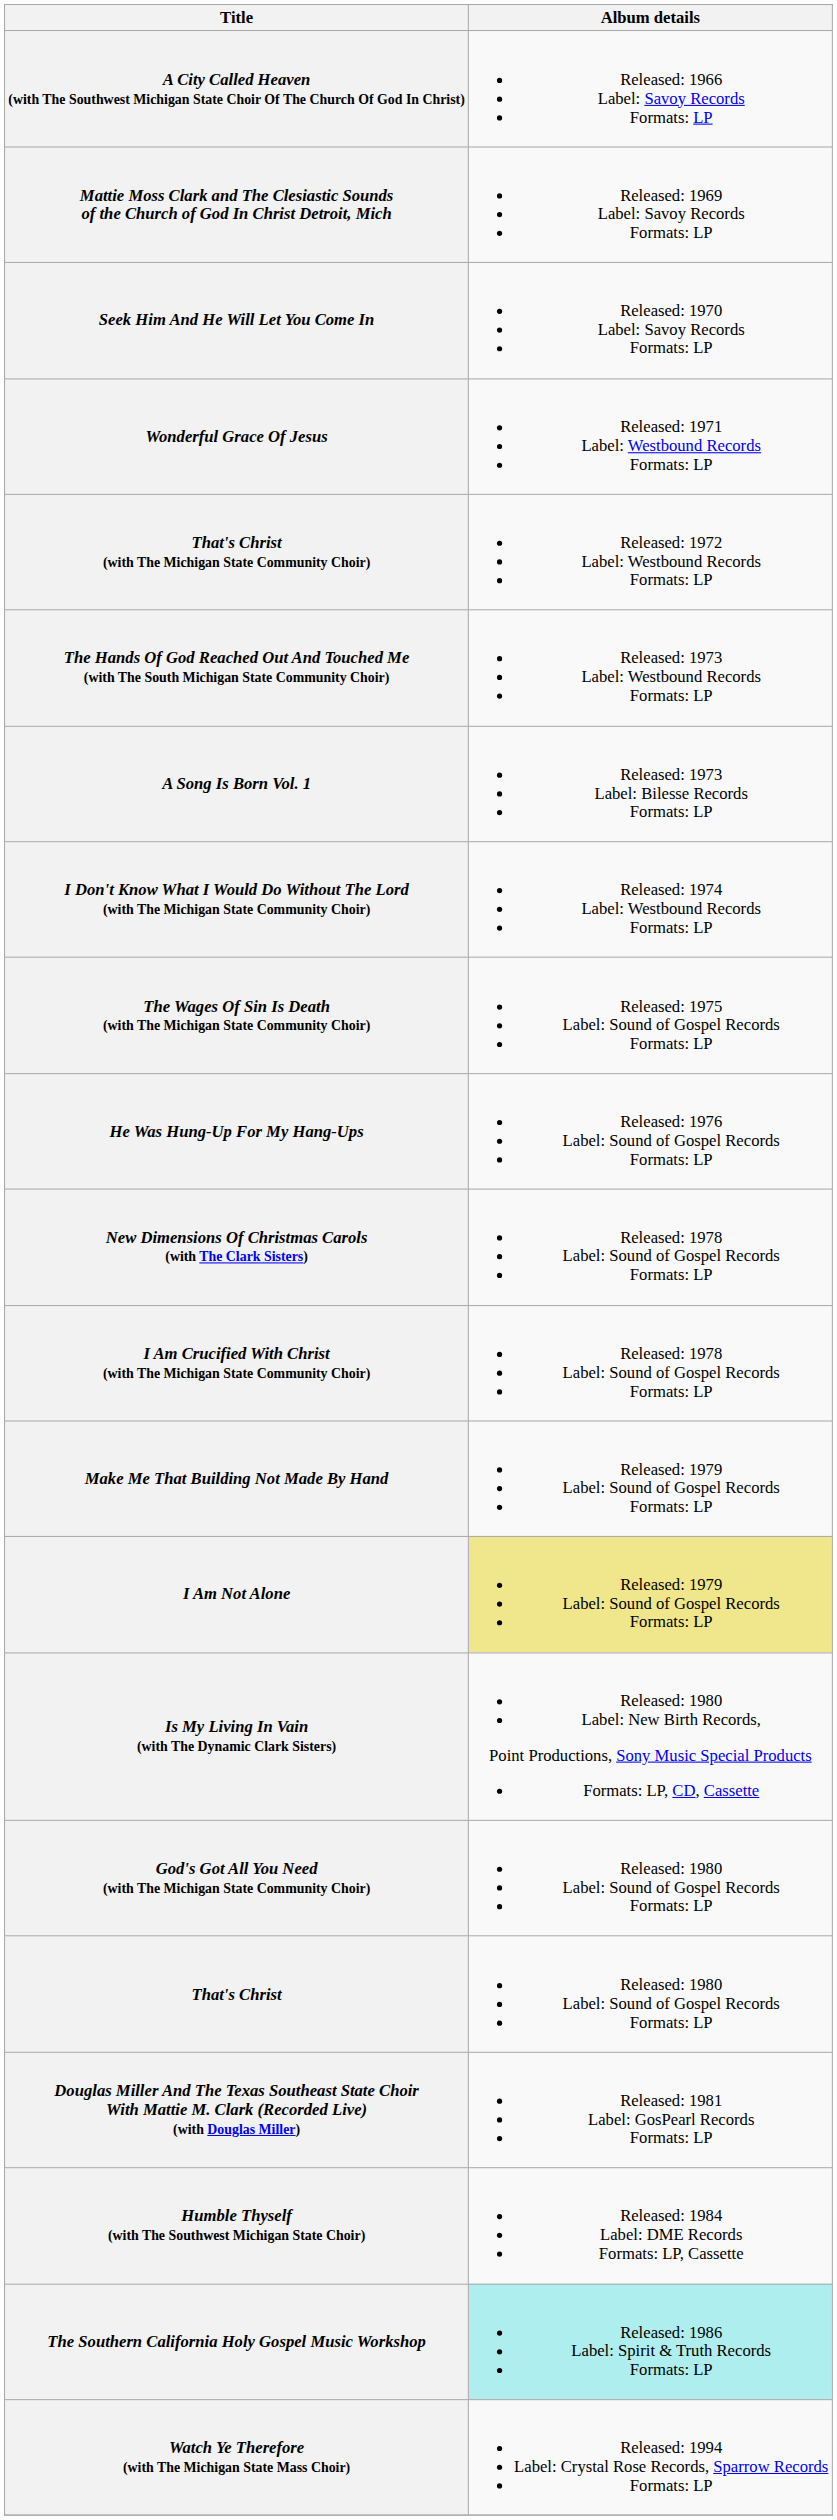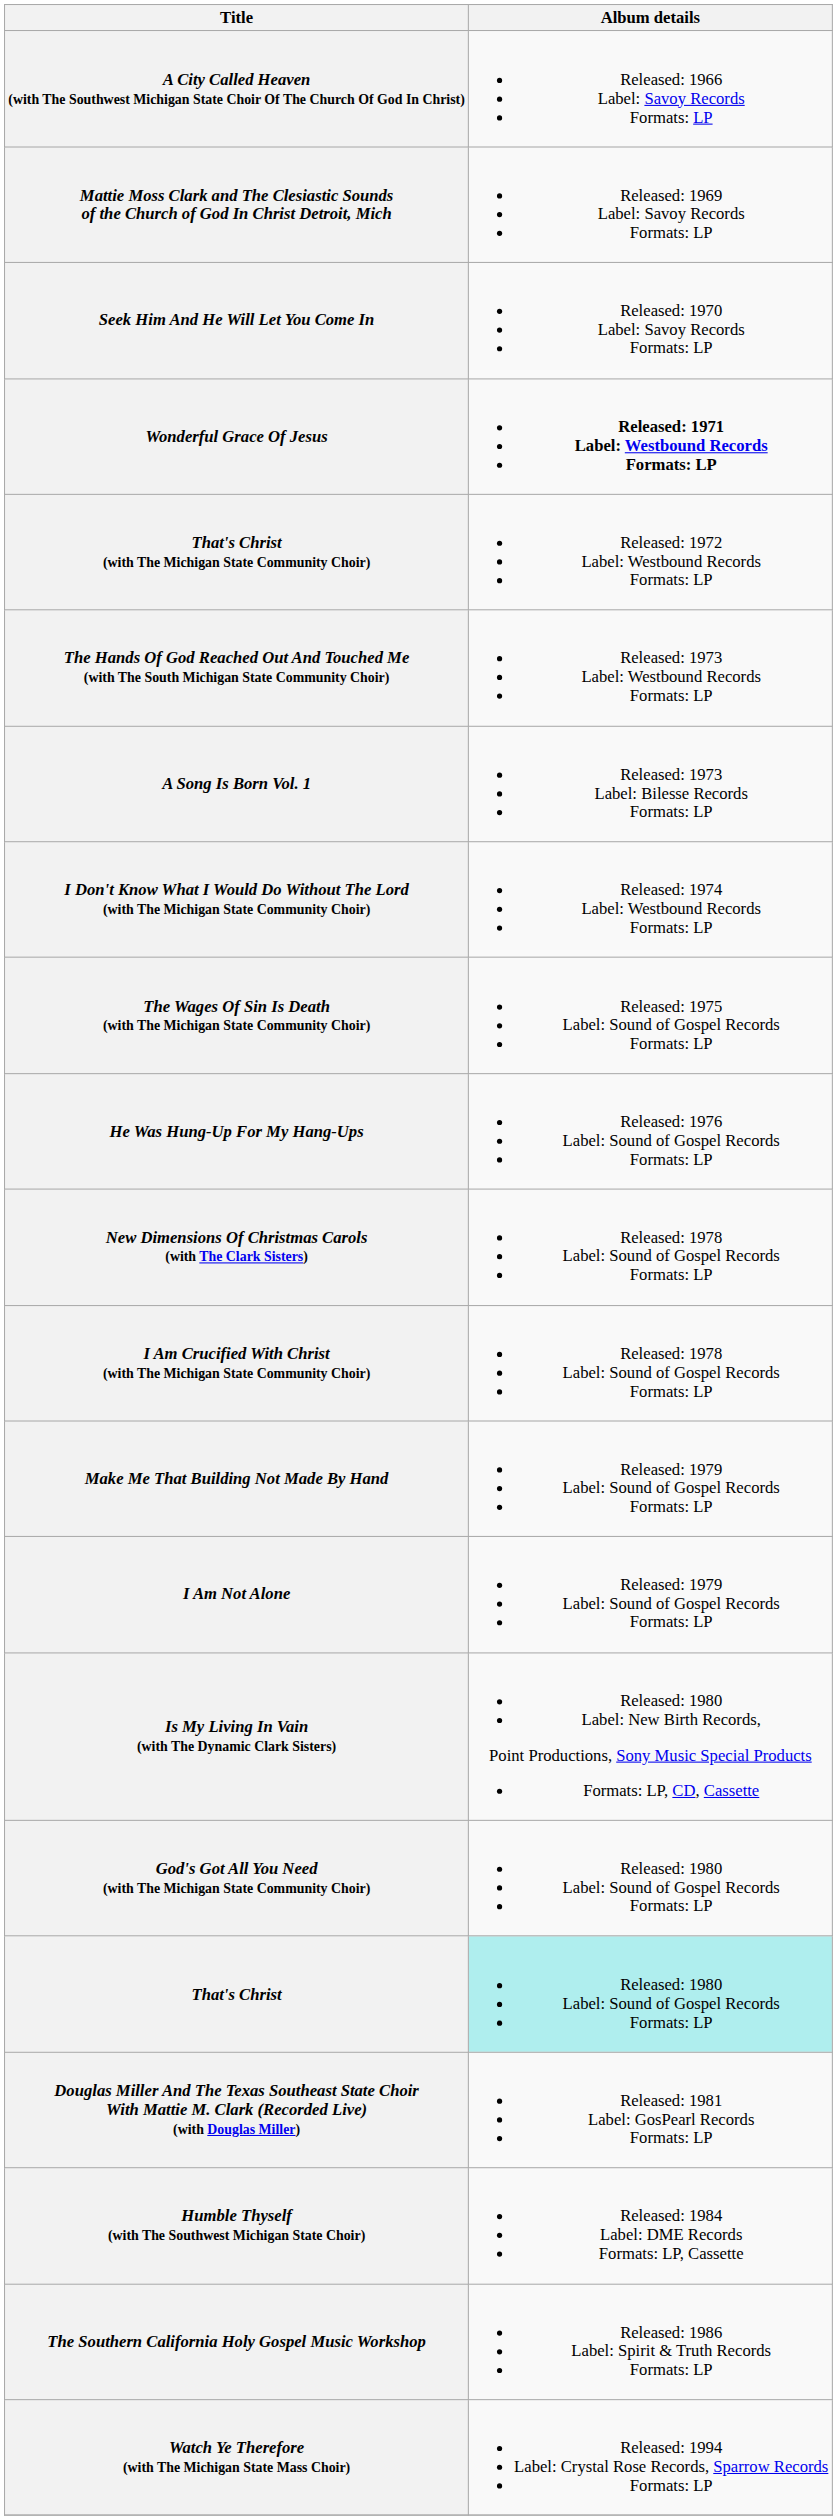 <table class="wikitable plainrowheaders" style="text-align:center;">
 <tr>
 <th>Title</th>
 <th>Album details</th>
 </tr>
 <tr>
 <th scope="row"><em>A City Called Heaven</em><br><small>(with The Southwest Michigan State Choir Of The Church Of God In Christ)</small></th>
 <td><br><ul><li>Released: 1966</li><li>Label: <a href='#'>Savoy Records</a></li><li>Formats: <a href='#'>LP</a></li></ul></td>
 </tr>
 <tr>
 <th scope="row"><em>Mattie Moss Clark and The Clesiastic Sounds</em><br><em>of the Church of God In Christ Detroit, Mich</em></th>
 <td><br><ul><li>Released: 1969</li><li>Label: Savoy Records</li><li>Formats: LP</li></ul></td>
 </tr>
 <tr>
 <th scope="row"><em>Seek Him And He Will Let You Come In</em></th>
 <td><br><ul><li>Released: 1970</li><li>Label: Savoy Records</li><li>Formats: LP</li></ul></td>
 </tr>
 <tr>
 <th scope="row"><em>Wonderful Grace Of Jesus</em></th>
-<td><br><ul><li>Released: 1971</li><li>Label: <a href='#'>Westbound Records</a></li><li>Formats: LP</li></ul></td>
+<td><strong><br><ul><li>Released: 1971</li><li>Label: <a href='#'>Westbound Records</a></li><li>Formats: LP</li></ul></strong></td>
 </tr>
 <tr>
 <th scope="row"><em>That's Christ</em><br><small>(with The Michigan State Community Choir)</small></th>
 <td><br><ul><li>Released: 1972</li><li>Label: Westbound Records</li><li>Formats: LP</li></ul></td>
 </tr>
 <tr>
 <th scope="row"><em>The Hands Of God Reached Out And Touched Me</em><br><small>(with The South Michigan State Community Choir)</small></th>
 <td><br><ul><li>Released: 1973</li><li>Label: Westbound Records</li><li>Formats: LP</li></ul></td>
 </tr>
 <tr>
 <th scope="row"><em>A Song Is Born Vol. 1</em></th>
 <td><br><ul><li>Released: 1973</li><li>Label: Bilesse Records</li><li>Formats: LP</li></ul></td>
 </tr>
 <tr>
 <th scope="row"><em>I Don't Know What I Would Do Without The Lord</em><br><small>(with The Michigan State Community Choir)</small></th>
 <td><br><ul><li>Released: 1974</li><li>Label: Westbound Records</li><li>Formats: LP</li></ul></td>
 </tr>
 <tr>
 <th scope="row"><em>The Wages Of Sin Is Death</em><br><small>(with The Michigan State Community Choir)</small></th>
 <td><br><ul><li>Released: 1975</li><li>Label: Sound of Gospel Records</li><li>Formats: LP</li></ul></td>
 </tr>
 <tr>
 <th scope="row"><em>He Was Hung-Up For My Hang-Ups</em></th>
 <td><br><ul><li>Released: 1976</li><li>Label: Sound of Gospel Records</li><li>Formats: LP</li></ul></td>
 </tr>
 <tr>
 <th scope="row"><em>New Dimensions Of Christmas Carols</em><br><small>(with <a href='#'>The Clark Sisters</a>)</small></th>
 <td><br><ul><li>Released: 1978</li><li>Label: Sound of Gospel Records</li><li>Formats: LP</li></ul></td>
 </tr>
 <tr>
 <th scope="row"><em>I Am Crucified With Christ</em><br><small>(with The Michigan State Community Choir)</small></th>
 <td><br><ul><li>Released: 1978</li><li>Label: Sound of Gospel Records</li><li>Formats: LP</li></ul></td>
 </tr>
 <tr>
 <th scope="row"><em>Make Me That Building Not Made By Hand</em></th>
 <td><br><ul><li>Released: 1979</li><li>Label: Sound of Gospel Records</li><li>Formats: LP</li></ul></td>
 </tr>
 <tr>
 <th scope="row"><em>I Am Not Alone</em></th>
-<td style="background: khaki;"><br><ul><li>Released: 1979</li><li>Label: Sound of Gospel Records</li><li>Formats: LP</li></ul></td>
+<td><br><ul><li>Released: 1979</li><li>Label: Sound of Gospel Records</li><li>Formats: LP</li></ul></td>
 </tr>
 <tr>
 <th scope="row"><em>Is My Living In Vain</em><br><small>(with The Dynamic Clark Sisters)</small></th>
 <td><br><ul><li>Released: 1980</li><li>Label: New Birth Records,</li></ul>Point Productions, <a href='#'>Sony Music Special Products</a><ul><li>Formats: LP, <a href='#'>CD</a>, <a href='#'>Cassette</a></li></ul></td>
 </tr>
 <tr>
 <th scope="row"><em>God's Got All You Need</em><br><small>(with The Michigan State Community Choir)</small></th>
 <td><br><ul><li>Released: 1980</li><li>Label: Sound of Gospel Records</li><li>Formats: LP</li></ul></td>
 </tr>
 <tr>
 <th scope="row"><em>That's Christ</em></th>
-<td><br><ul><li>Released: 1980</li><li>Label: Sound of Gospel Records</li><li>Formats: LP</li></ul></td>
+<td style="background: paleturquoise;"><br><ul><li>Released: 1980</li><li>Label: Sound of Gospel Records</li><li>Formats: LP</li></ul></td>
 </tr>
 <tr>
 <th scope="row"><em>Douglas Miller And The Texas Southeast State Choir</em><br><em>With Mattie M. Clark (Recorded Live)</em><br><small>(with <a href='#'>Douglas Miller</a>)</small></th>
 <td><br><ul><li>Released: 1981</li><li>Label: GosPearl Records</li><li>Formats: LP</li></ul></td>
 </tr>
 <tr>
 <th scope="row"><em>Humble Thyself</em><br><small>(with The Southwest Michigan State Choir)</small></th>
 <td><br><ul><li>Released: 1984</li><li>Label: DME Records</li><li>Formats: LP, Cassette</li></ul></td>
 </tr>
 <tr>
 <th scope="row"><em>The Southern California Holy Gospel Music Workshop</em></th>
-<td style="background: paleturquoise;"><br><ul><li>Released: 1986</li><li>Label: Spirit & Truth Records</li><li>Formats: LP</li></ul></td>
+<td><br><ul><li>Released: 1986</li><li>Label: Spirit & Truth Records</li><li>Formats: LP</li></ul></td>
 </tr>
 <tr>
 <th scope="row"><em>Watch Ye Therefore</em><br><small>(with The Michigan State Mass Choir)</small></th>
 <td><br><ul><li>Released: 1994</li><li>Label: Crystal Rose Records, <a href='#'>Sparrow Records</a></li><li>Formats: LP</li></ul></td>
 </tr>
 <tr>
 </tr>
 </table>
